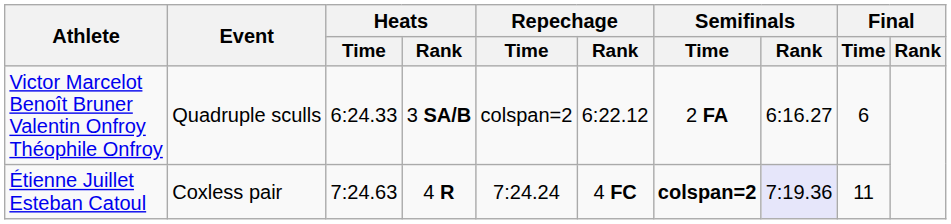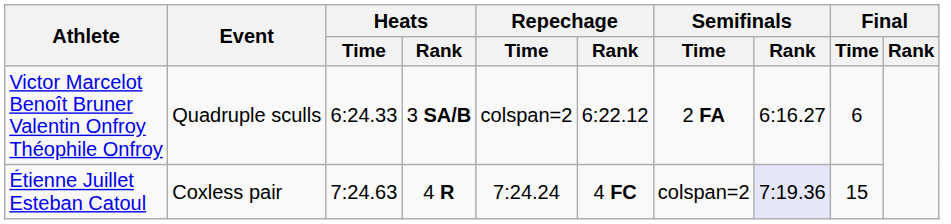 <table class="wikitable" style="font-size:90%">
 <tr>
 <th rowspan="2">Athlete</th>
 <th rowspan="2">Event</th>
 <th colspan="2">Heats</th>
 <th colspan="2">Repechage</th>
 <th colspan="2">Semifinals</th>
 <th colspan="2">Final</th>
 </tr>
 <tr style="font-size:95%">
 <th>Time</th>
 <th>Rank</th>
 <th>Time</th>
 <th>Rank</th>
 <th>Time</th>
 <th>Rank</th>
 <th>Time</th>
 <th>Rank</th>
 </tr>
 <tr align=center>
 <td align=left><a href='#'>Victor Marcelot</a><br><a href='#'>Benoît Bruner</a><br><a href='#'>Valentin Onfroy</a><br><a href='#'>Théophile Onfroy</a></td>
 <td align=left>Quadruple sculls</td>
 <td>6:24.33</td>
 <td>3 <strong>SA/B</strong></td>
 <td>colspan=2</td>
 <td>6:22.12</td>
 <td>2 <strong>FA</strong></td>
 <td>6:16.27</td>
 <td>6</td>
 </tr>
 <tr align=center>
 <td align=left><a href='#'>Étienne Juillet</a><br><a href='#'>Esteban Catoul</a></td>
 <td align=left>Coxless pair</td>
 <td>7:24.63</td>
 <td>4 <strong>R</strong></td>
 <td>7:24.24</td>
 <td>4 <strong>FC</strong></td>
-<td><strong>colspan=2</strong></td>
+<td>colspan=2</td>
 <td style="background: lavender;">7:19.36</td>
-<td>11</td>
+<td>15</td>
 </tr>
 </table>
